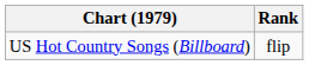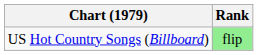 <table class="wikitable">
 <tr>
 <th align="left">Chart (1979)</th>
 <th align="left">Rank</th>
 </tr>
 <tr>
 <td align="left">US <a href='#'>Hot Country Songs</a> (<em><a href='#'>Billboard</a></em>)</td>
-<td align="center">flip</td>
+<td align="center" style="background: lightgreen;">flip</td>
 </tr>
 </table>
